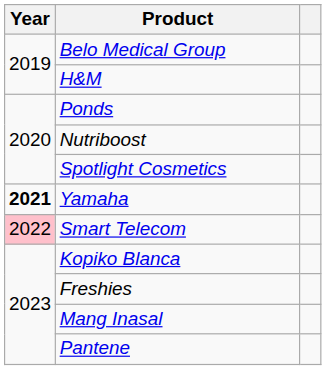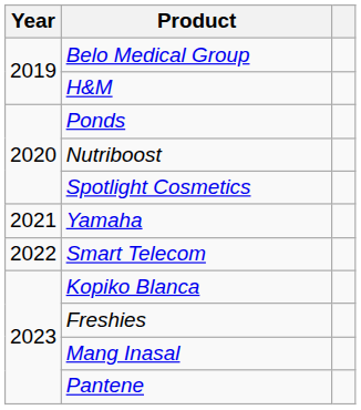 <table class="wikitable sortable plainrowheaders">
 <tr>
 <th scope="col" width=10>Year</th>
 <th scope="col" width=200>Product</th>
 <th scope="col" width=10 class="unsortable"></th>
 </tr>
 <tr>
 <td rowspan="2">2019</td>
 <td><em><a href='#'>Belo Medical Group</a></em></td>
 <td></td>
 </tr>
 <tr>
 <td><em><a href='#'>H&M</a></em></td>
 <td></td>
 </tr>
 <tr>
 <td rowspan="3">2020</td>
 <td><em><a href='#'>Ponds</a></em></td>
 <td></td>
 </tr>
 <tr>
 <td><em>Nutriboost</em></td>
 <td></td>
 </tr>
 <tr>
 <td><em><a href='#'>Spotlight Cosmetics</a></em></td>
 <td></td>
 </tr>
 <tr>
-<td><strong>2021</strong></td>
+<td>2021</td>
 <td><em><a href='#'>Yamaha</a></em></td>
 <td></td>
 </tr>
 <tr>
-<td style="background: pink;">2022</td>
+<td>2022</td>
 <td><em><a href='#'>Smart Telecom</a></em></td>
 <td></td>
 </tr>
 <tr>
 <td rowspan="4">2023</td>
 <td><em><a href='#'>Kopiko Blanca</a></em></td>
 <td></td>
 </tr>
 <tr>
 <td><em>Freshies</em></td>
 <td></td>
 </tr>
 <tr>
 <td><em><a href='#'>Mang Inasal</a></em></td>
 <td></td>
 </tr>
 <tr>
 <td><em><a href='#'>Pantene</a></em></td>
 <td></td>
 </tr>
 </table>
